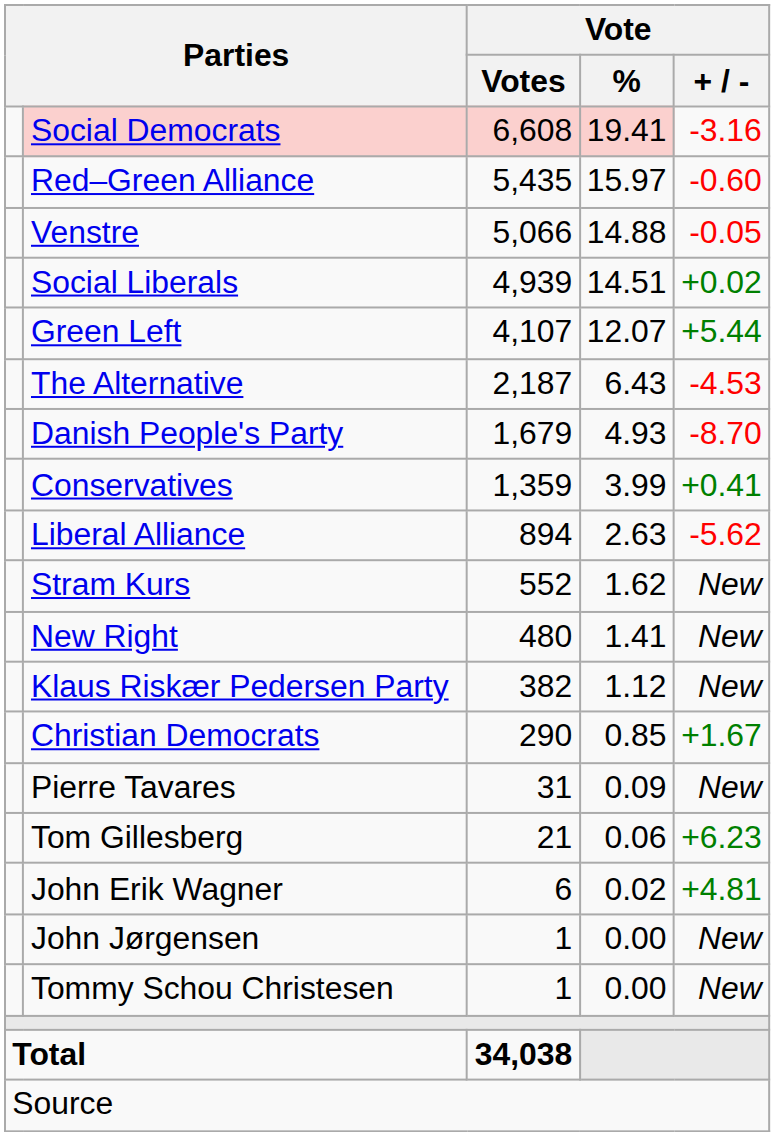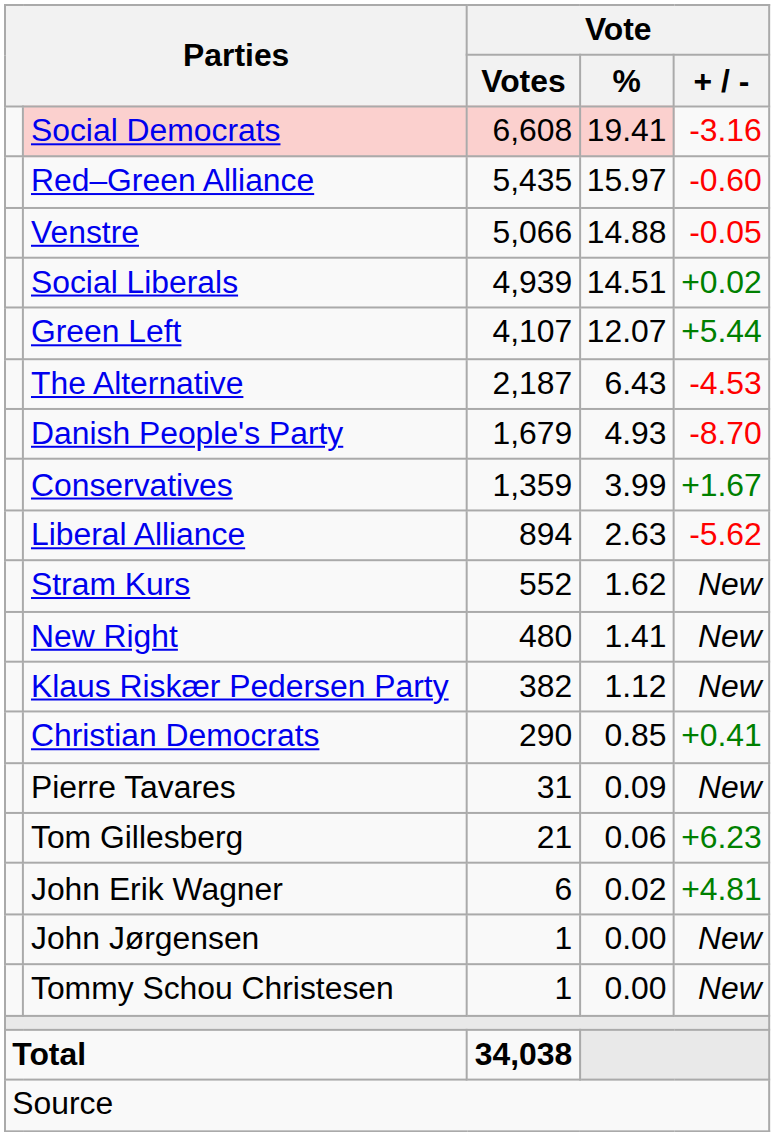 <table class="wikitable" style="text-align:right;">
 <tr>
 <th style="text-align:centre;" rowspan="2" colspan="2" width="225">Parties</th>
 <th colspan="3">Vote</th>
 </tr>
 <tr>
 <th width="15">Votes</th>
 <th width="15">%</th>
 <th width="15">+ / -</th>
 </tr>
 <tr>
 <td width="2" style="color:inherit;background:"></td>
 <td bgcolor=#fbd0ce  align="left"><a href='#'>Social Democrats</a></td>
 <td bgcolor=#fbd0ce>6,608</td>
 <td bgcolor=#fbd0ce>19.41</td>
 <td style=color:red;>-3.16</td>
 </tr>
 <tr>
 <td width="2" style="color:inherit;background:"></td>
 <td align="left"><a href='#'>Red–Green Alliance</a></td>
 <td>5,435</td>
 <td>15.97</td>
 <td style=color:red;>-0.60</td>
 </tr>
 <tr>
 <td width="2" style="color:inherit;background:"></td>
 <td align="left"><a href='#'>Venstre</a></td>
 <td>5,066</td>
 <td>14.88</td>
 <td style=color:red;>-0.05</td>
 </tr>
 <tr>
 <td width="2" style="color:inherit;background:"></td>
 <td align="left"><a href='#'>Social Liberals</a></td>
 <td>4,939</td>
 <td>14.51</td>
 <td style=color:green;>+0.02</td>
 </tr>
 <tr>
 <td width="2" style="color:inherit;background:"></td>
 <td align="left"><a href='#'>Green Left</a></td>
 <td>4,107</td>
 <td>12.07</td>
 <td style=color:green;>+5.44</td>
 </tr>
 <tr>
 <td width="2" style="color:inherit;background:"></td>
 <td align="left"><a href='#'>The Alternative</a></td>
 <td>2,187</td>
 <td>6.43</td>
 <td style=color:red;>-4.53</td>
 </tr>
 <tr>
 <td width="2" style="color:inherit;background:"></td>
 <td align="left"><a href='#'>Danish People's Party</a></td>
 <td>1,679</td>
 <td>4.93</td>
 <td style=color:red;>-8.70</td>
 </tr>
 <tr>
 <td width="2" style="color:inherit;background:"></td>
 <td align="left"><a href='#'>Conservatives</a></td>
 <td>1,359</td>
 <td>3.99</td>
-<td style=color:green;>+0.41</td>
+<td style=color:green;>+1.67</td>
 </tr>
 <tr>
 <td width="2" style="color:inherit;background:"></td>
 <td align="left"><a href='#'>Liberal Alliance</a></td>
 <td>894</td>
 <td>2.63</td>
 <td style=color:red;>-5.62</td>
 </tr>
 <tr>
 <td width="2" style="color:inherit;background:"></td>
 <td align="left"><a href='#'>Stram Kurs</a></td>
 <td>552</td>
 <td>1.62</td>
 <td><em>New</em></td>
 </tr>
 <tr>
 <td width="2" style="color:inherit;background:"></td>
 <td align="left"><a href='#'>New Right</a></td>
 <td>480</td>
 <td>1.41</td>
 <td><em>New</em></td>
 </tr>
 <tr>
 <td width="2" style="color:inherit;background:"></td>
 <td align="left"><a href='#'>Klaus Riskær Pedersen Party</a></td>
 <td>382</td>
 <td>1.12</td>
 <td><em>New</em></td>
 </tr>
 <tr>
 <td width="2" style="color:inherit;background:"></td>
 <td align="left"><a href='#'>Christian Democrats</a></td>
 <td>290</td>
 <td>0.85</td>
-<td style=color:green;>+1.67</td>
+<td style=color:green;>+0.41</td>
 </tr>
 <tr>
 <td width="2" style="color:inherit;background:"></td>
 <td align="left">Pierre Tavares</td>
 <td>31</td>
 <td>0.09</td>
 <td><em>New</em></td>
 </tr>
 <tr>
 <td width="2" style="color:inherit;background:"></td>
 <td align="left">Tom Gillesberg</td>
 <td>21</td>
 <td>0.06</td>
 <td style=color:green;>+6.23</td>
 </tr>
 <tr>
 <td width="2" style="color:inherit;background:"></td>
 <td align="left">John Erik Wagner</td>
 <td>6</td>
 <td>0.02</td>
 <td style=color:green;>+4.81</td>
 </tr>
 <tr>
 <td width="2" style="color:inherit;background:"></td>
 <td align="left">John Jørgensen</td>
 <td>1</td>
 <td>0.00</td>
 <td><em>New</em></td>
 </tr>
 <tr>
 <td width="2" style="color:inherit;background:"></td>
 <td align="left">Tommy Schou Christesen</td>
 <td>1</td>
 <td>0.00</td>
 <td><em>New</em></td>
 </tr>
 <tr>
 <td colspan="7" bgcolor="#E9E9E9"></td>
 </tr>
 <tr>
 <td align="left" colspan="2"><strong>Total</strong></td>
 <td><strong>34,038</strong></td>
 <td bgcolor="#E9E9E9" colspan="2"></td>
 </tr>
 <tr>
 <td align="left" colspan="6">Source</td>
 </tr>
 </table>
